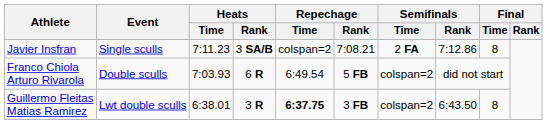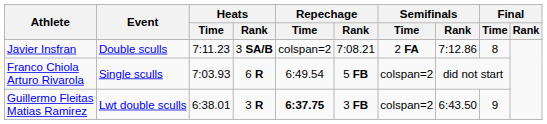 <table class="wikitable" style="font-size:90%">
 <tr>
 <th rowspan=2>Athlete</th>
 <th rowspan=2>Event</th>
 <th colspan="2">Heats</th>
 <th colspan="2">Repechage</th>
 <th colspan="2">Semifinals</th>
 <th colspan="2">Final</th>
 </tr>
 <tr style="font-size:95%">
 <th>Time</th>
 <th>Rank</th>
 <th>Time</th>
 <th>Rank</th>
 <th>Time</th>
 <th>Rank</th>
 <th>Time</th>
 <th>Rank</th>
 </tr>
 <tr align=center>
 <td align=left><a href='#'>Javier Insfran</a></td>
-<td align=left><a href='#'>Single sculls</a></td>
+<td align=left><a href='#'>Double sculls</a></td>
 <td>7:11.23</td>
 <td>3 <strong>SA/B</strong></td>
 <td>colspan=2 </td>
 <td>7:08.21</td>
 <td>2 <strong>FA</strong></td>
 <td>7:12.86</td>
 <td>8</td>
 </tr>
 <tr align=center>
 <td align=left><a href='#'>Franco Chiola</a><br><a href='#'>Arturo Rivarola</a></td>
-<td align=left><a href='#'>Double sculls</a></td>
+<td align=left><a href='#'>Single sculls</a></td>
 <td>7:03.93</td>
 <td>6 <strong>R</strong></td>
 <td>6:49.54</td>
 <td>5 <strong>FB</strong></td>
 <td>colspan=2 </td>
 <td colspan=2>did not start</td>
 </tr>
 <tr align=center>
 <td align=left><a href='#'>Guillermo Fleitas</a><br><a href='#'>Matias Ramirez</a></td>
 <td align=left><a href='#'>Lwt double sculls</a></td>
 <td>6:38.01</td>
 <td>3 <strong>R</strong></td>
 <td><strong>6:37.75</strong></td>
 <td>3 <strong>FB</strong></td>
 <td>colspan=2 </td>
 <td>6:43.50</td>
-<td>8</td>
+<td>9</td>
 </tr>
 </table>
